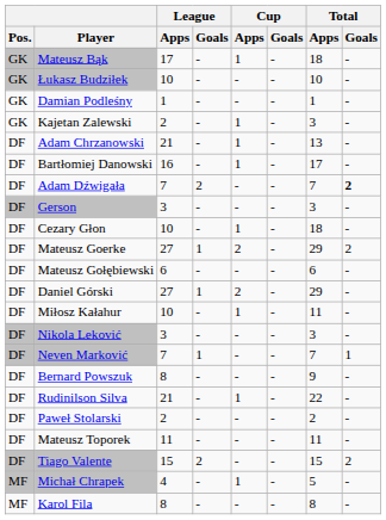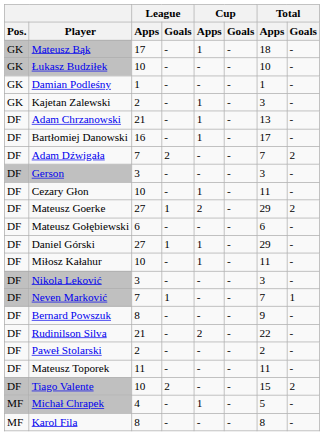 <table class="wikitable" style="display: inline-table;">
 <tr>
 <th colspan="2"></th>
 <th colspan="2">League</th>
 <th colspan="2">Cup</th>
 <th colspan="2">Total</th>
 </tr>
 <tr>
 <th>Pos.</th>
 <th>Player</th>
 <th>Apps</th>
 <th>Goals</th>
 <th>Apps</th>
 <th>Goals</th>
 <th>Apps</th>
 <th>Goals</th>
 </tr>
 <tr>
 <td bgcolor=silver >GK</td>
 <td bgcolor=silver ><a href='#'>Mateusz Bąk</a></td>
 <td>17</td>
 <td>-</td>
 <td>1</td>
 <td>-</td>
 <td>18</td>
 <td>-</td>
 </tr>
 <tr>
 <td bgcolor=silver >GK</td>
 <td bgcolor=silver ><a href='#'>Łukasz Budziłek</a></td>
 <td>10</td>
 <td>-</td>
 <td>-</td>
 <td>-</td>
 <td>10</td>
 <td>-</td>
 </tr>
 <tr>
 <td>GK</td>
 <td><a href='#'>Damian Podleśny</a></td>
 <td>1</td>
 <td>-</td>
 <td>-</td>
 <td>-</td>
 <td>1</td>
 <td>-</td>
 </tr>
 <tr>
 <td>GK</td>
 <td>Kajetan Zalewski</td>
 <td>2</td>
 <td>-</td>
 <td>1</td>
 <td>-</td>
 <td>3</td>
 <td>-</td>
 </tr>
 <tr>
 <td>DF</td>
 <td><a href='#'>Adam Chrzanowski</a></td>
 <td>21</td>
 <td>-</td>
 <td>1</td>
 <td>-</td>
 <td>13</td>
 <td>-</td>
 </tr>
 <tr>
 <td>DF</td>
 <td>Bartłomiej Danowski</td>
 <td>16</td>
 <td>-</td>
 <td>1</td>
 <td>-</td>
 <td>17</td>
 <td>-</td>
 </tr>
 <tr>
 <td>DF</td>
 <td><a href='#'>Adam Dźwigała</a></td>
 <td>7</td>
 <td>2</td>
 <td>-</td>
 <td>-</td>
 <td>7</td>
-<td><strong>2</strong></td>
+<td>2</td>
 </tr>
 <tr>
 <td bgcolor=silver >DF</td>
 <td bgcolor=silver ><a href='#'>Gerson</a></td>
 <td>3</td>
 <td>-</td>
 <td>-</td>
 <td>-</td>
 <td>3</td>
 <td>-</td>
 </tr>
 <tr>
 <td>DF</td>
 <td>Cezary Głon</td>
 <td>10</td>
 <td>-</td>
 <td>1</td>
 <td>-</td>
-<td>18</td>
+<td>11</td>
 <td>-</td>
 </tr>
 <tr>
 <td>DF</td>
 <td>Mateusz Goerke</td>
 <td>27</td>
 <td>1</td>
 <td>2</td>
 <td>-</td>
 <td>29</td>
 <td>2</td>
 </tr>
 <tr>
 <td>DF</td>
 <td>Mateusz Gołębiewski</td>
 <td>6</td>
 <td>-</td>
 <td>-</td>
 <td>-</td>
 <td>6</td>
 <td>-</td>
 </tr>
 <tr>
 <td>DF</td>
 <td>Daniel Górski</td>
 <td>27</td>
 <td>1</td>
-<td>2</td>
+<td>1</td>
 <td>-</td>
 <td>29</td>
 <td>-</td>
 </tr>
 <tr>
 <td>DF</td>
 <td>Miłosz Kałahur</td>
 <td>10</td>
 <td>-</td>
 <td>1</td>
 <td>-</td>
 <td>11</td>
 <td>-</td>
 </tr>
 <tr>
 <td bgcolor=silver >DF</td>
 <td bgcolor=silver ><a href='#'>Nikola Leković</a></td>
 <td>3</td>
 <td>-</td>
 <td>-</td>
 <td>-</td>
 <td>3</td>
 <td>-</td>
 </tr>
 <tr>
 <td bgcolor=silver >DF</td>
 <td bgcolor=silver ><a href='#'>Neven Marković</a></td>
 <td>7</td>
 <td>1</td>
 <td>-</td>
 <td>-</td>
 <td>7</td>
 <td>1</td>
 </tr>
 <tr>
 <td>DF</td>
 <td><a href='#'>Bernard Powszuk</a></td>
 <td>8</td>
 <td>-</td>
 <td>-</td>
 <td>-</td>
 <td>9</td>
 <td>-</td>
 </tr>
 <tr>
 <td>DF</td>
 <td><a href='#'>Rudinilson Silva</a></td>
 <td>21</td>
 <td>-</td>
-<td>1</td>
+<td>2</td>
 <td>-</td>
 <td>22</td>
 <td>-</td>
 </tr>
 <tr>
 <td>DF</td>
 <td><a href='#'>Paweł Stolarski</a></td>
 <td>2</td>
 <td>-</td>
 <td>-</td>
 <td>-</td>
 <td>2</td>
 <td>-</td>
 </tr>
 <tr>
 <td>DF</td>
 <td>Mateusz Toporek</td>
 <td>11</td>
 <td>-</td>
 <td>-</td>
 <td>-</td>
 <td>11</td>
 <td>-</td>
 </tr>
 <tr>
 <td bgcolor=silver >DF</td>
 <td bgcolor=silver ><a href='#'>Tiago Valente</a></td>
-<td>15</td>
+<td>10</td>
 <td>2</td>
 <td>-</td>
 <td>-</td>
 <td>15</td>
 <td>2</td>
 </tr>
 <tr>
 <td bgcolor=silver >MF</td>
 <td bgcolor=silver ><a href='#'>Michał Chrapek</a></td>
 <td>4</td>
 <td>-</td>
 <td>1</td>
 <td>-</td>
 <td>5</td>
 <td>-</td>
 </tr>
 <tr>
 <td>MF</td>
 <td><a href='#'>Karol Fila</a></td>
 <td>8</td>
 <td>-</td>
 <td>-</td>
 <td>-</td>
 <td>8</td>
 <td>-</td>
 </tr>
 </table>
